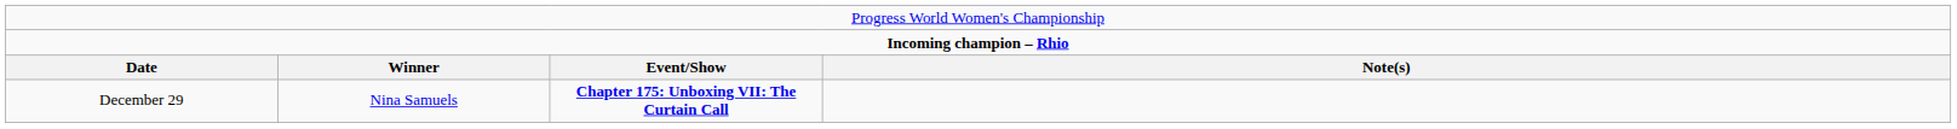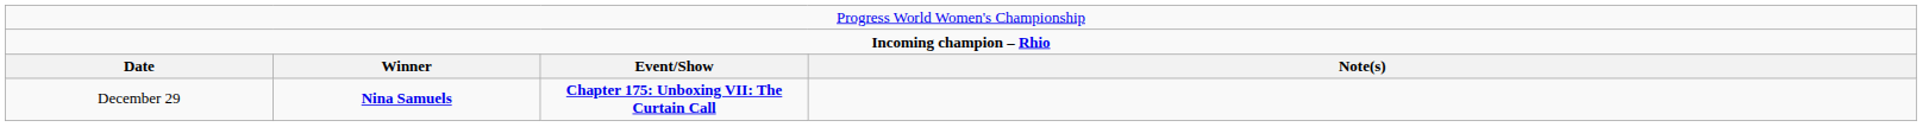 <table class="wikitable" style="text-align:center; width:100%;">
 <tr>
 <td colspan="4" style="text-align: center;"><a href='#'>Progress World Women's Championship</a></td>
 </tr>
 <tr>
 <td colspan="4" style="text-align: center;"><strong>Incoming champion – <a href='#'>Rhio</a></strong></td>
 </tr>
 <tr>
 <th width=14%>Date</th>
 <th width=14%>Winner</th>
 <th width=14%>Event/Show</th>
 <th width=58%>Note(s)</th>
 </tr>
 <tr>
 <td>December 29</td>
-<td><a href='#'>Nina Samuels</a></td>
+<td><strong><a href='#'>Nina Samuels</a></strong></td>
 <td><strong><a href='#'>Chapter 175: Unboxing VII: The Curtain Call</a></strong></td>
 <td></td>
 </tr>
 </table>
